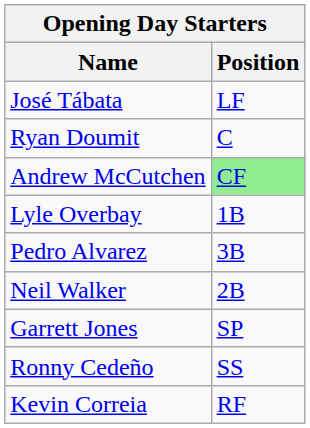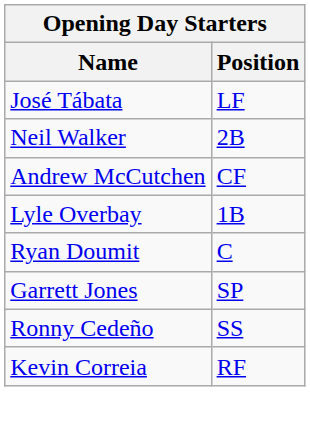 <table class="wikitable" style="text-align:left">
 <tr>
 <th colspan="2">Opening Day Starters</th>
 </tr>
 <tr>
 <th>Name</th>
 <th>Position</th>
 </tr>
 <tr>
 <td><a href='#'>José Tábata</a></td>
 <td><a href='#'>LF</a></td>
 </tr>
 <tr>
-<td><a href='#'>Ryan Doumit</a></td>
-<td><a href='#'>C</a></td>
+<td><a href='#'>Neil Walker</a></td>
+<td><a href='#'>2B</a></td>
 </tr>
 <tr>
 <td><a href='#'>Andrew McCutchen</a></td>
-<td style="background: lightgreen;"><a href='#'>CF</a></td>
+<td><a href='#'>CF</a></td>
 </tr>
 <tr>
 <td><a href='#'>Lyle Overbay</a></td>
 <td><a href='#'>1B</a></td>
 </tr>
 <tr>
-<td><a href='#'>Pedro Alvarez</a></td>
-<td><a href='#'>3B</a></td>
-</tr>
-<tr>
-<td><a href='#'>Neil Walker</a></td>
-<td><a href='#'>2B</a></td>
+<td><a href='#'>Ryan Doumit</a></td>
+<td><a href='#'>C</a></td>
 </tr>
 <tr>
 <td><a href='#'>Garrett Jones</a></td>
 <td><a href='#'>SP</a></td>
 </tr>
 <tr>
 <td><a href='#'>Ronny Cedeño</a></td>
 <td><a href='#'>SS</a></td>
 </tr>
 <tr>
 <td><a href='#'>Kevin Correia</a></td>
 <td><a href='#'>RF</a></td>
 </tr>
 </table>
